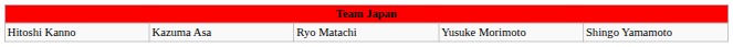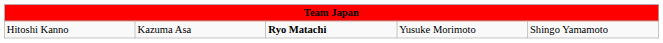 <table class="wikitable" style="width:50%; text-align=center;">
 <tr>
 <th colspan="5" style="background:red;">Team Japan</th>
 </tr>
 <tr>
 <td style="width:10%;">Hitoshi Kanno</td>
 <td style="width:10%;">Kazuma Asa</td>
-<td style="width:10%;">Ryo Matachi</td>
+<td style="width:10%;"><strong>Ryo Matachi</strong></td>
 <td style="width:10%;">Yusuke Morimoto</td>
 <td style="width:10%;">Shingo Yamamoto</td>
 </tr>
 </table>
